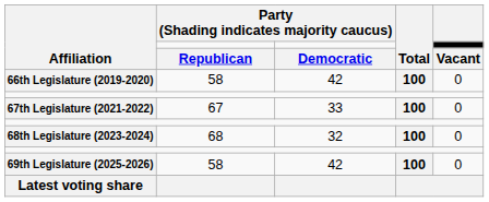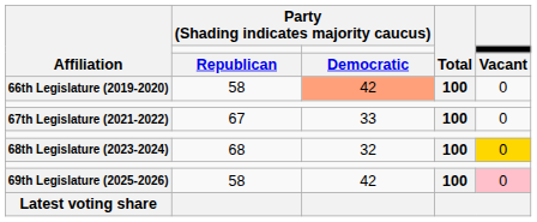 <table class=wikitable style="text-align:center">
 <tr style="vertical-align:bottom;">
 <th rowspan=3>Affiliation</th>
 <th colspan=2>Party <div>(Shading indicates majority caucus)</div></th>
 <th rowspan=3>Total</th>
 <th></th>
 </tr>
 <tr style="height:5px">
 <td style="background-color:"></td>
 <td style="background-color:"></td>
 <td style="background: black"></td>
 </tr>
 <tr>
 <th><a href='#'>Republican</a></th>
 <th><a href='#'>Democratic</a></th>
 <th>Vacant</th>
 </tr>
 <tr>
 <th nowrap style="font-size:80%">66th Legislature (2019-2020)</th>
 <td>58</td>
-<td>42</td>
+<td style="background: lightsalmon;">42</td>
 <th>100</th>
 <td>0</td>
 </tr>
 <tr>
 <td colspan=5></td>
 </tr>
 <tr>
 <th nowrap style="font-size:80%">67th Legislature (2021-2022)</th>
 <td>67</td>
 <td>33</td>
 <th>100</th>
 <td>0</td>
 </tr>
 <tr>
 <td colspan=5></td>
 </tr>
 <tr>
 <th nowrap style="font-size:80%">68th Legislature (2023-2024)</th>
 <td>68</td>
 <td>32</td>
 <th>100</th>
-<td>0</td>
+<td style="background: gold;">0</td>
 </tr>
 <tr>
 <td colspan=5></td>
 </tr>
 <tr>
 <th nowrap style="font-size:80%">69th Legislature (2025-2026)</th>
 <td>58</td>
 <td>42</td>
 <th>100</th>
-<td>0</td>
+<td style="background: pink;">0</td>
 </tr>
 <tr>
 <th>Latest voting share</th>
 <th></th>
 <th></th>
 <th colspan=2></th>
 </tr>
 </table>
